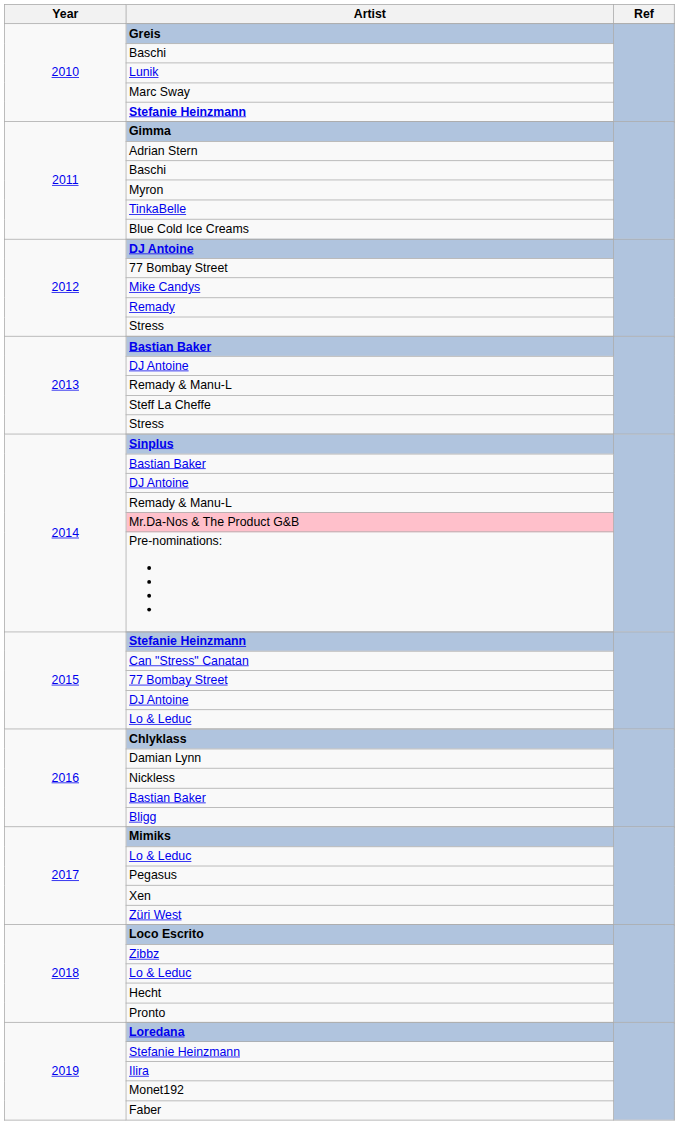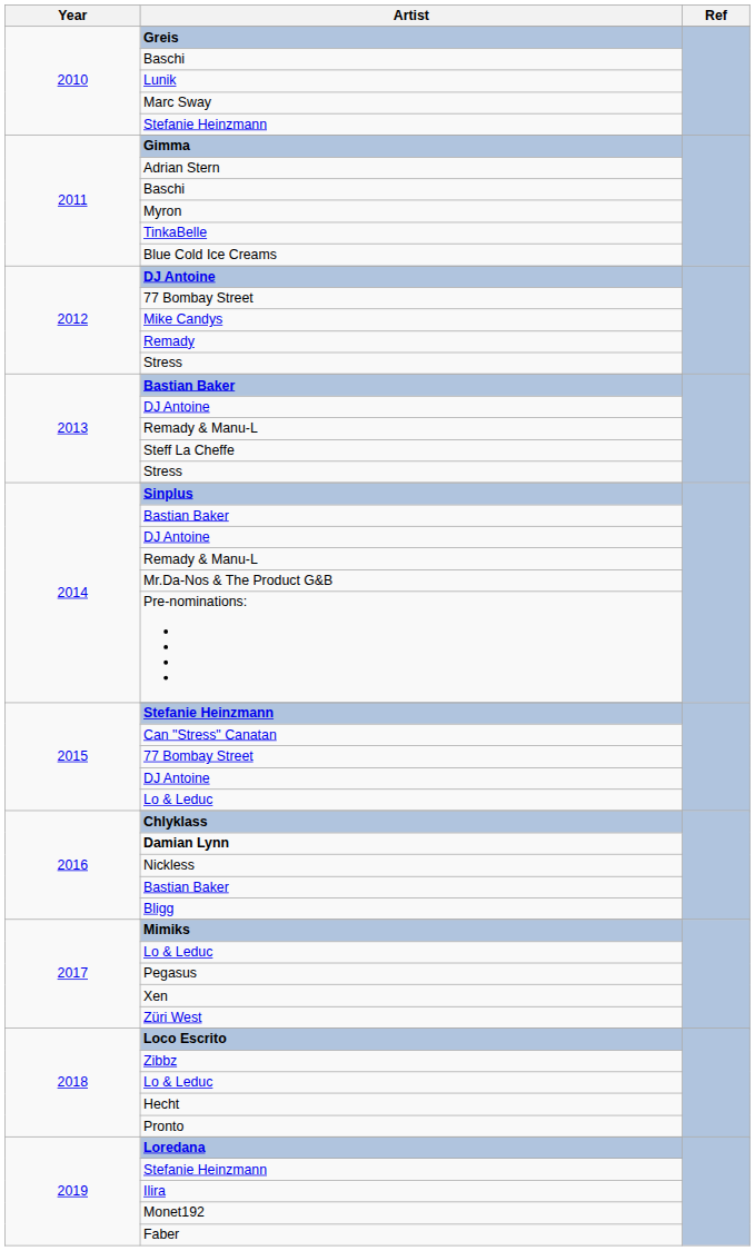 <table class="wikitable" style="width:55%;">
 <tr style="background:#bebebe;">
 <th style="width:10%;">Year</th>
 <th style="width:40%;">Artist</th>
 <th style="width:5%;">Ref</th>
 </tr>
 <tr>
 <td rowspan="6" align="center"><a href='#'>2010</a></td>
 </tr>
 <tr style="background:#B0C4DE">
 <td><strong>Greis</strong></td>
 <td rowspan="6" align="center"></td>
 </tr>
 <tr>
 <td>Baschi</td>
 </tr>
 <tr>
 <td><a href='#'>Lunik</a></td>
 </tr>
 <tr>
 <td>Marc Sway</td>
 </tr>
 <tr>
-<td><strong><a href='#'>Stefanie Heinzmann</a></strong></td>
+<td><a href='#'>Stefanie Heinzmann</a></td>
 </tr>
 <tr>
 <td rowspan="7" align="center"><a href='#'>2011</a></td>
 </tr>
 <tr style="background:#B0C4DE">
 <td><strong>Gimma</strong></td>
 <td rowspan="7" align="center"></td>
 </tr>
 <tr>
 <td>Adrian Stern</td>
 </tr>
 <tr>
 <td>Baschi</td>
 </tr>
 <tr>
 <td>Myron</td>
 </tr>
 <tr>
 <td><a href='#'>TinkaBelle</a></td>
 </tr>
 <tr>
 <td>Blue Cold Ice Creams</td>
 </tr>
 <tr>
 <td rowspan="6" align="center"><a href='#'>2012</a></td>
 </tr>
 <tr style="background:#B0C4DE">
 <td><strong><a href='#'>DJ Antoine</a></strong></td>
 <td rowspan="6" align="center"></td>
 </tr>
 <tr>
 <td>77 Bombay Street</td>
 </tr>
 <tr>
 <td><a href='#'>Mike Candys</a></td>
 </tr>
 <tr>
 <td><a href='#'>Remady</a></td>
 </tr>
 <tr>
 <td>Stress</td>
 </tr>
 <tr>
 <td rowspan="6" align="center"><a href='#'>2013</a></td>
 </tr>
 <tr style="background:#B0C4DE">
 <td><strong><a href='#'>Bastian Baker</a></strong></td>
 <td rowspan="6" align="center"></td>
 </tr>
 <tr>
 <td><a href='#'>DJ Antoine</a></td>
 </tr>
 <tr>
 <td>Remady & Manu-L</td>
 </tr>
 <tr>
 <td>Steff La Cheffe</td>
 </tr>
 <tr>
 <td>Stress</td>
 </tr>
 <tr>
 <td rowspan="7" align="center"><a href='#'>2014</a></td>
 </tr>
 <tr style="background:#B0C4DE">
 <td><strong><a href='#'>Sinplus</a></strong></td>
 <td rowspan="7" align="center"></td>
 </tr>
 <tr>
 <td><a href='#'>Bastian Baker</a></td>
 </tr>
 <tr>
 <td><a href='#'>DJ Antoine</a></td>
 </tr>
 <tr>
 <td>Remady & Manu-L</td>
 </tr>
 <tr>
-<td style="background: pink;">Mr.Da-Nos & The Product G&B</td>
+<td>Mr.Da-Nos & The Product G&B</td>
 </tr>
 <tr>
 <td>Pre-nominations:<br><ul><li></li><li></li><li></li><li></li></ul></td>
 </tr>
 <tr>
 <td rowspan="6" align="center"><a href='#'>2015</a></td>
 </tr>
 <tr style="background:#B0C4DE">
 <td><strong><a href='#'>Stefanie Heinzmann</a></strong></td>
 <td rowspan="6" align="center"></td>
 </tr>
 <tr>
 <td><a href='#'>Can "Stress" Canatan</a></td>
 </tr>
 <tr>
 <td><a href='#'>77 Bombay Street</a></td>
 </tr>
 <tr>
 <td><a href='#'>DJ Antoine</a></td>
 </tr>
 <tr>
 <td><a href='#'>Lo & Leduc</a></td>
 </tr>
 <tr>
 <td rowspan="6" align="center"><a href='#'>2016</a></td>
 </tr>
 <tr style="background:#B0C4DE">
 <td><strong>Chlyklass</strong></td>
 <td rowspan="6" align="center"></td>
 </tr>
 <tr>
-<td>Damian Lynn</td>
+<td><strong>Damian Lynn</strong></td>
 </tr>
 <tr>
 <td>Nickless</td>
 </tr>
 <tr>
 <td><a href='#'>Bastian Baker</a></td>
 </tr>
 <tr>
 <td><a href='#'>Bligg</a></td>
 </tr>
 <tr>
 <td rowspan="6" align="center"><a href='#'>2017</a></td>
 </tr>
 <tr style="background:#B0C4DE">
 <td><strong>Mimiks</strong></td>
 <td rowspan="6" align="center"></td>
 </tr>
 <tr>
 <td><a href='#'>Lo & Leduc</a></td>
 </tr>
 <tr>
 <td>Pegasus</td>
 </tr>
 <tr>
 <td>Xen</td>
 </tr>
 <tr>
 <td><a href='#'>Züri West</a></td>
 </tr>
 <tr>
 <td rowspan="6" align="center"><a href='#'>2018</a></td>
 </tr>
 <tr style="background:#B0C4DE">
 <td><strong>Loco Escrito</strong></td>
 <td rowspan="6" align="center"></td>
 </tr>
 <tr>
 <td><a href='#'>Zibbz</a></td>
 </tr>
 <tr>
 <td><a href='#'>Lo & Leduc</a></td>
 </tr>
 <tr>
 <td>Hecht</td>
 </tr>
 <tr>
 <td>Pronto</td>
 </tr>
 <tr>
 <td rowspan="6" align="center"><a href='#'>2019</a></td>
 </tr>
 <tr style="background:#B0C4DE">
 <td><strong><a href='#'>Loredana</a></strong></td>
 <td rowspan="6" align="center"></td>
 </tr>
 <tr>
 <td><a href='#'>Stefanie Heinzmann</a></td>
 </tr>
 <tr>
 <td><a href='#'>Ilira</a></td>
 </tr>
 <tr>
 <td>Monet192</td>
 </tr>
 <tr>
 <td>Faber</td>
 </tr>
 </table>
